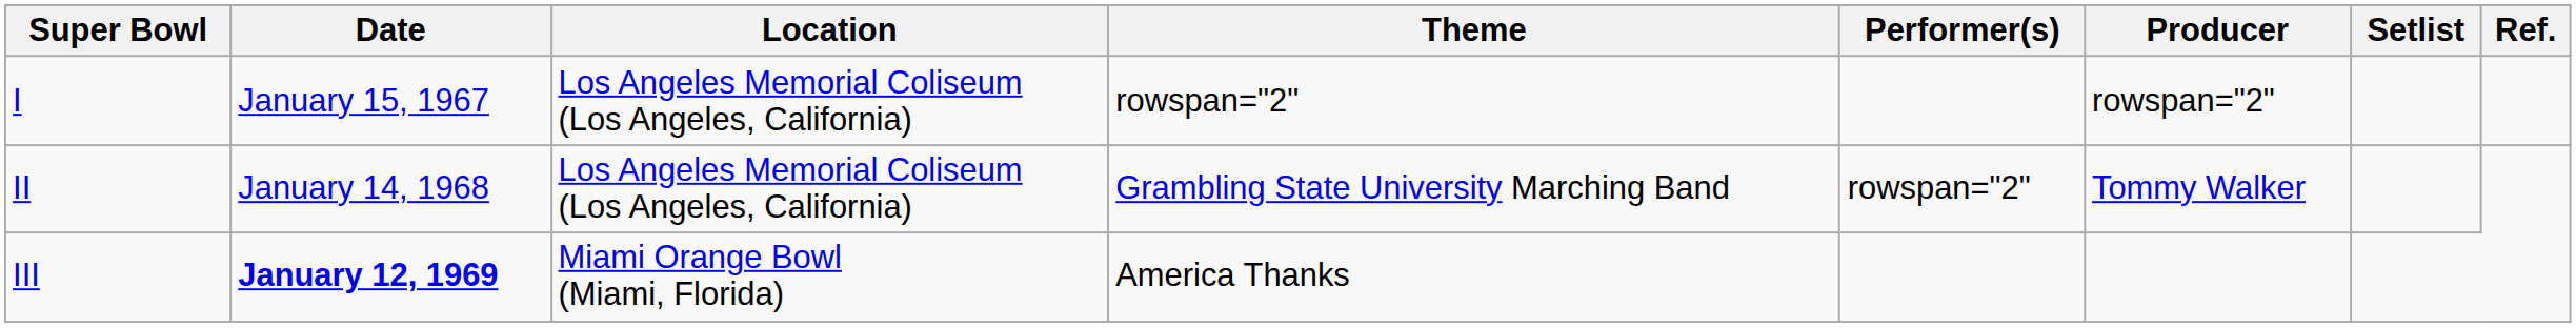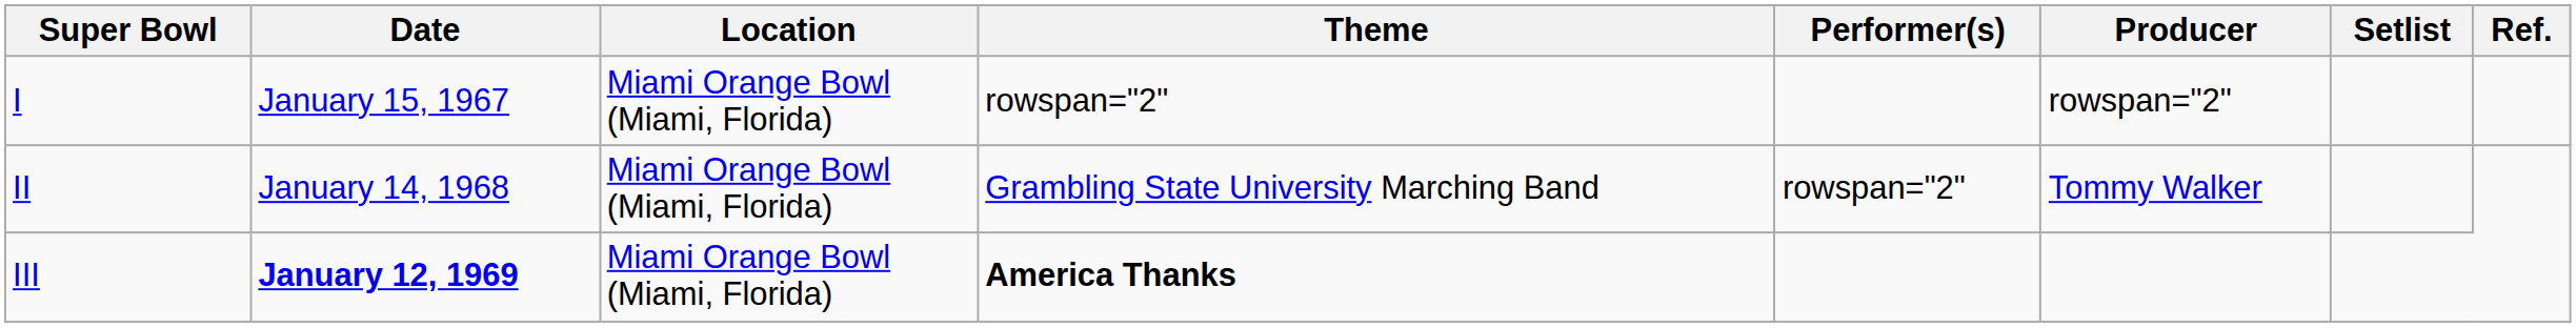 <table class="wikitable" style="width: 100%; ">
 <tr>
 <th>Super Bowl</th>
 <th>Date</th>
 <th>Location</th>
 <th>Theme</th>
 <th>Performer(s)</th>
 <th>Producer</th>
 <th>Setlist</th>
 <th>Ref.</th>
 </tr>
 <tr>
 <td><a href='#'>I</a></td>
 <td><a href='#'>January 15, 1967</a></td>
-<td><a href='#'>Los Angeles Memorial Coliseum</a><br>(Los Angeles, California)</td>
+<td><a href='#'>Miami Orange Bowl</a><br>(Miami, Florida)</td>
 <td>rowspan="2" </td>
 <td></td>
 <td>rowspan="2" </td>
 <td></td>
 <td></td>
 </tr>
 <tr>
 <td><a href='#'>II</a></td>
 <td><a href='#'>January 14, 1968</a></td>
-<td><a href='#'>Los Angeles Memorial Coliseum</a><br>(Los Angeles, California)</td>
+<td><a href='#'>Miami Orange Bowl</a><br>(Miami, Florida)</td>
 <td><a href='#'>Grambling State University</a> Marching Band</td>
 <td>rowspan="2" </td>
 <td><a href='#'>Tommy Walker</a></td>
 <td></td>
 </tr>
 <tr>
 <td><a href='#'>III</a></td>
 <td><strong><a href='#'>January 12, 1969</a></strong></td>
 <td><a href='#'>Miami Orange Bowl</a><br>(Miami, Florida)</td>
-<td>America Thanks</td>
+<td><strong>America Thanks</strong></td>
 <td></td>
 <td></td>
 </tr>
 </table>
